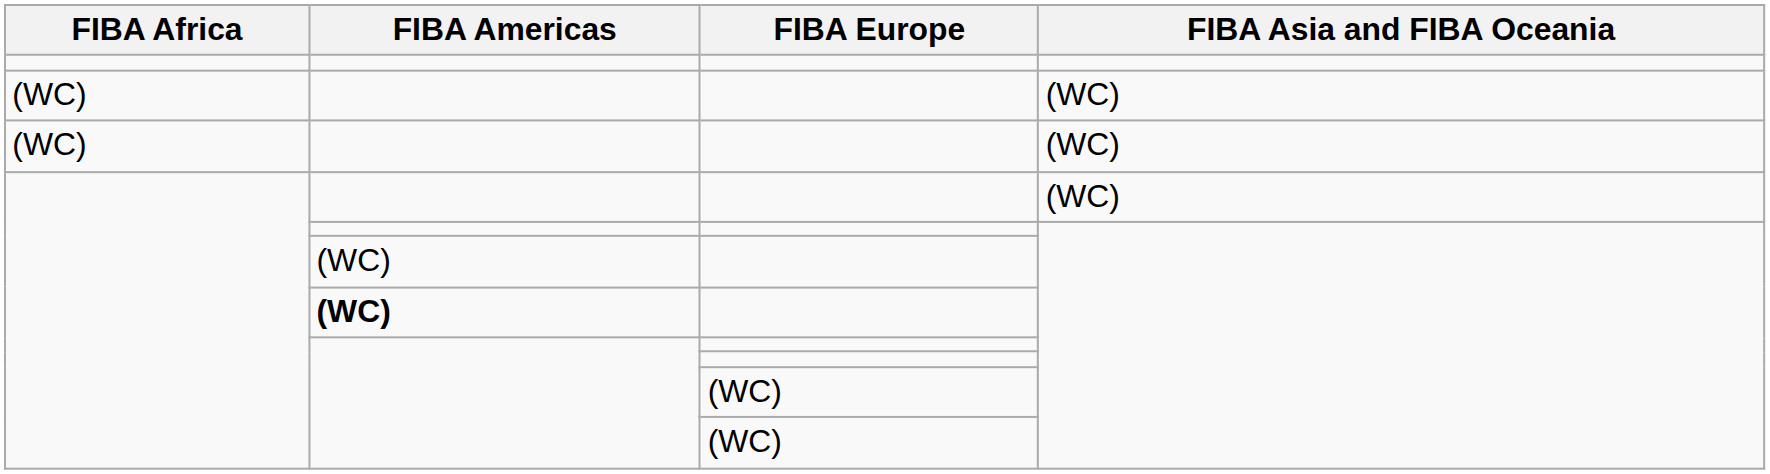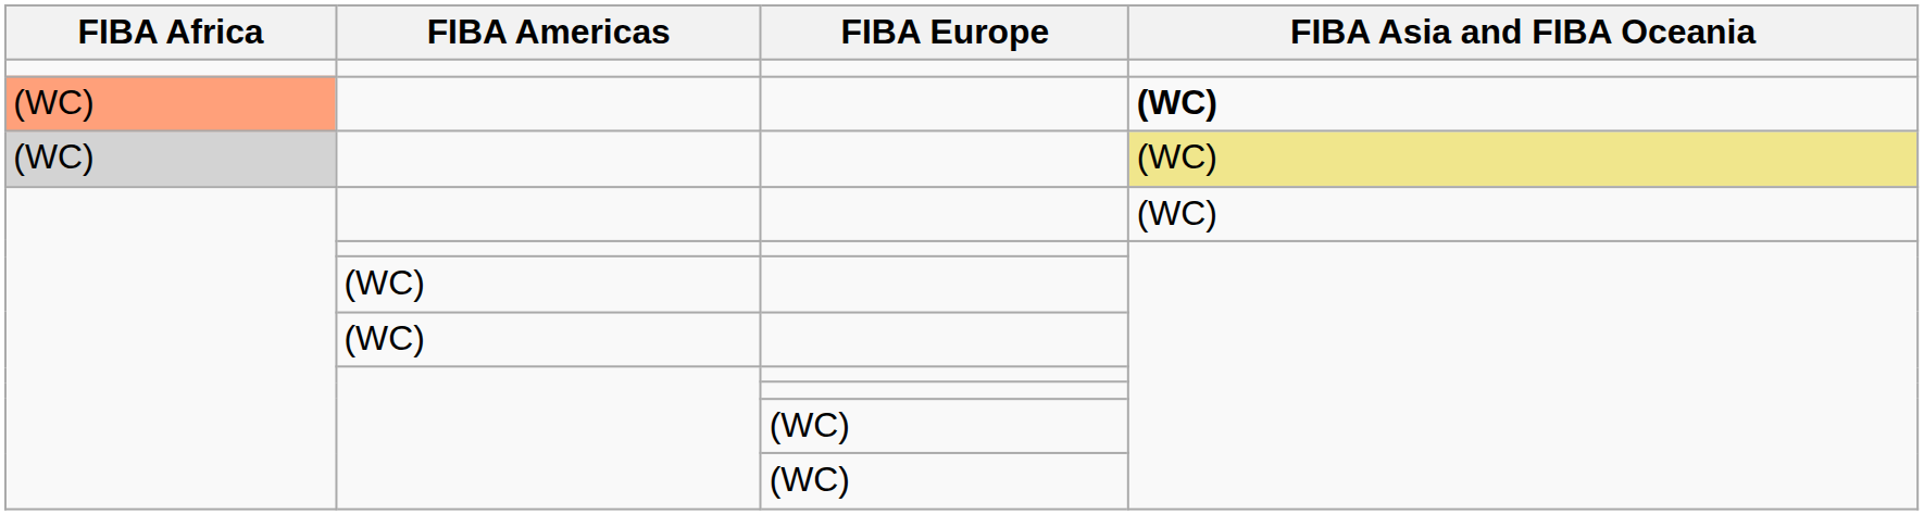 <table class=wikitable style="text-align:center;" width=70%>
 <tr>
 <th>FIBA Africa</th>
 <th>FIBA Americas</th>
 <th>FIBA Europe</th>
 <th>FIBA Asia and FIBA Oceania</th>
 </tr>
 <tr>
 <td align=left></td>
 <td align=left></td>
 <td align=left></td>
 <td align=left><s></s></td>
 </tr>
 <tr>
-<td align=left> (WC)</td>
+<td align=left style="background: lightsalmon;"> (WC)</td>
 <td align=left></td>
 <td align=left></td>
-<td align=left> (WC)</td>
+<td align=left><strong> (WC)</strong></td>
 </tr>
 <tr>
-<td align=left> (WC)</td>
+<td align=left style="background: lightgrey;"> (WC)</td>
 <td align=left></td>
 <td align=left></td>
-<td align=left> (WC)</td>
+<td align=left style="background: khaki;"> (WC)</td>
 </tr>
 <tr>
 <td rowspan=8></td>
 <td align=left></td>
 <td align=left></td>
 <td align=left> (WC)</td>
 </tr>
 <tr>
 <td align=left></td>
 <td align=left></td>
 <td rowspan=7></td>
 </tr>
 <tr>
 <td align=left> (WC)</td>
 <td align=left></td>
 </tr>
 <tr>
-<td align=left><strong> (WC)</strong></td>
+<td align=left> (WC)</td>
 <td align=left></td>
 </tr>
 <tr>
 <td rowspan=4></td>
 <td align=left></td>
 </tr>
 <tr>
 <td align=left></td>
 </tr>
 <tr>
 <td align=left> (WC)</td>
 </tr>
 <tr>
 <td align=left> (WC)</td>
 </tr>
 </table>
